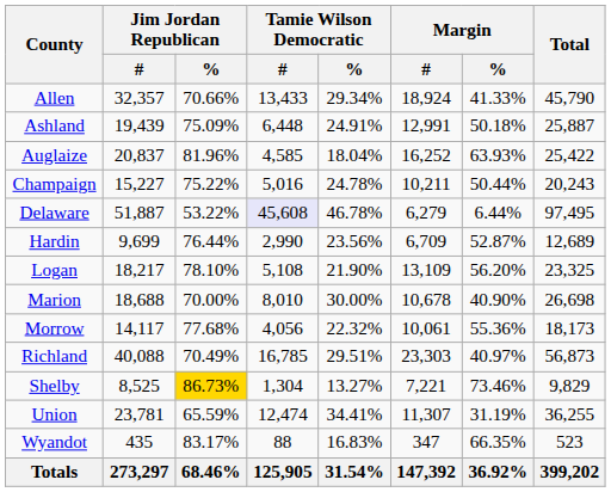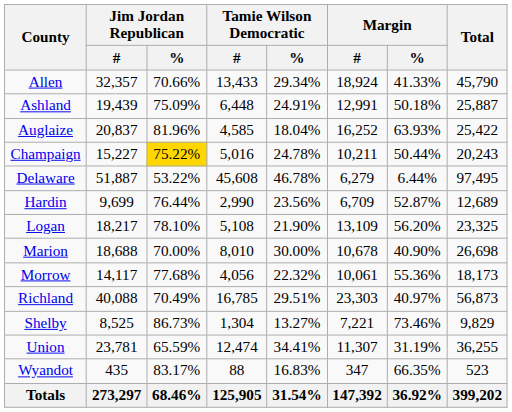 <table width="60%" class="wikitable sortable">
 <tr>
 <th rowspan="2">County</th>
 <th colspan="2">Jim Jordan<br>Republican</th>
 <th colspan="2">Tamie Wilson<br>Democratic</th>
 <th colspan="2">Margin</th>
 <th rowspan="2">Total</th>
 </tr>
 <tr>
 <th style="text-align:center;" data-sort-type="number">#</th>
 <th style="text-align:center;" data-sort-type="number">%</th>
 <th style="text-align:center;" data-sort-type="number">#</th>
 <th style="text-align:center;" data-sort-type="number">%</th>
 <th style="text-align:center;" data-sort-type="number">#</th>
 <th style="text-align:center;" data-sort-type="number">%</th>
 </tr>
 <tr style="text-align:center;">
 <td><a href='#'>Allen</a></td>
 <td>32,357</td>
 <td>70.66%</td>
 <td>13,433</td>
 <td>29.34%</td>
 <td>18,924</td>
 <td>41.33%</td>
 <td>45,790</td>
 </tr>
 <tr style="text-align:center;">
 <td><a href='#'>Ashland</a></td>
 <td>19,439</td>
 <td>75.09%</td>
 <td>6,448</td>
 <td>24.91%</td>
 <td>12,991</td>
 <td>50.18%</td>
 <td>25,887</td>
 </tr>
 <tr style="text-align:center;">
 <td><a href='#'>Auglaize</a></td>
 <td>20,837</td>
 <td>81.96%</td>
 <td>4,585</td>
 <td>18.04%</td>
 <td>16,252</td>
 <td>63.93%</td>
 <td>25,422</td>
 </tr>
 <tr style="text-align:center;">
 <td><a href='#'>Champaign</a></td>
 <td>15,227</td>
-<td>75.22%</td>
+<td style="background: gold;">75.22%</td>
 <td>5,016</td>
 <td>24.78%</td>
 <td>10,211</td>
 <td>50.44%</td>
 <td>20,243</td>
 </tr>
 <tr style="text-align:center;">
 <td><a href='#'>Delaware</a></td>
 <td>51,887</td>
 <td>53.22%</td>
-<td style="background: lavender;">45,608</td>
+<td>45,608</td>
 <td>46.78%</td>
 <td>6,279</td>
 <td>6.44%</td>
 <td>97,495</td>
 </tr>
 <tr style="text-align:center;">
 <td><a href='#'>Hardin</a></td>
 <td>9,699</td>
 <td>76.44%</td>
 <td>2,990</td>
 <td>23.56%</td>
 <td>6,709</td>
 <td>52.87%</td>
 <td>12,689</td>
 </tr>
 <tr style="text-align:center;">
 <td><a href='#'>Logan</a></td>
 <td>18,217</td>
 <td>78.10%</td>
 <td>5,108</td>
 <td>21.90%</td>
 <td>13,109</td>
 <td>56.20%</td>
 <td>23,325</td>
 </tr>
 <tr style="text-align:center;">
 <td><a href='#'>Marion</a></td>
 <td>18,688</td>
 <td>70.00%</td>
 <td>8,010</td>
 <td>30.00%</td>
 <td>10,678</td>
 <td>40.90%</td>
 <td>26,698</td>
 </tr>
 <tr style="text-align:center;">
 <td><a href='#'>Morrow</a></td>
 <td>14,117</td>
 <td>77.68%</td>
 <td>4,056</td>
 <td>22.32%</td>
 <td>10,061</td>
 <td>55.36%</td>
 <td>18,173</td>
 </tr>
 <tr style="text-align:center;">
 <td><a href='#'>Richland</a></td>
 <td>40,088</td>
 <td>70.49%</td>
 <td>16,785</td>
 <td>29.51%</td>
 <td>23,303</td>
 <td>40.97%</td>
 <td>56,873</td>
 </tr>
 <tr style="text-align:center;">
 <td><a href='#'>Shelby</a></td>
 <td>8,525</td>
-<td style="background: gold;">86.73%</td>
+<td>86.73%</td>
 <td>1,304</td>
 <td>13.27%</td>
 <td>7,221</td>
 <td>73.46%</td>
 <td>9,829</td>
 </tr>
 <tr style="text-align:center;">
 <td><a href='#'>Union</a></td>
 <td>23,781</td>
 <td>65.59%</td>
 <td>12,474</td>
 <td>34.41%</td>
 <td>11,307</td>
 <td>31.19%</td>
 <td>36,255</td>
 </tr>
 <tr style="text-align:center;">
 <td><a href='#'>Wyandot</a></td>
 <td>435</td>
 <td>83.17%</td>
 <td>88</td>
 <td>16.83%</td>
 <td>347</td>
 <td>66.35%</td>
 <td>523</td>
 </tr>
 <tr style="text-align:center;">
 <th>Totals</th>
 <th>273,297</th>
 <th>68.46%</th>
 <th>125,905</th>
 <th>31.54%</th>
 <th>147,392</th>
 <th>36.92%</th>
 <th>399,202</th>
 </tr>
 </table>
